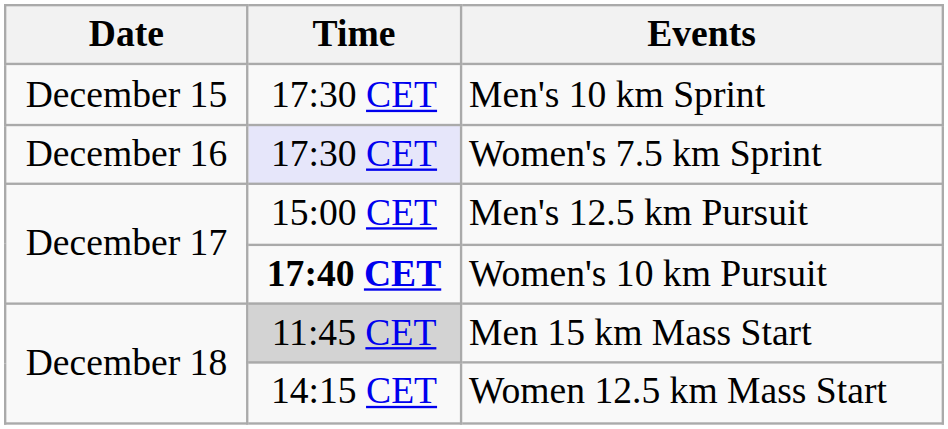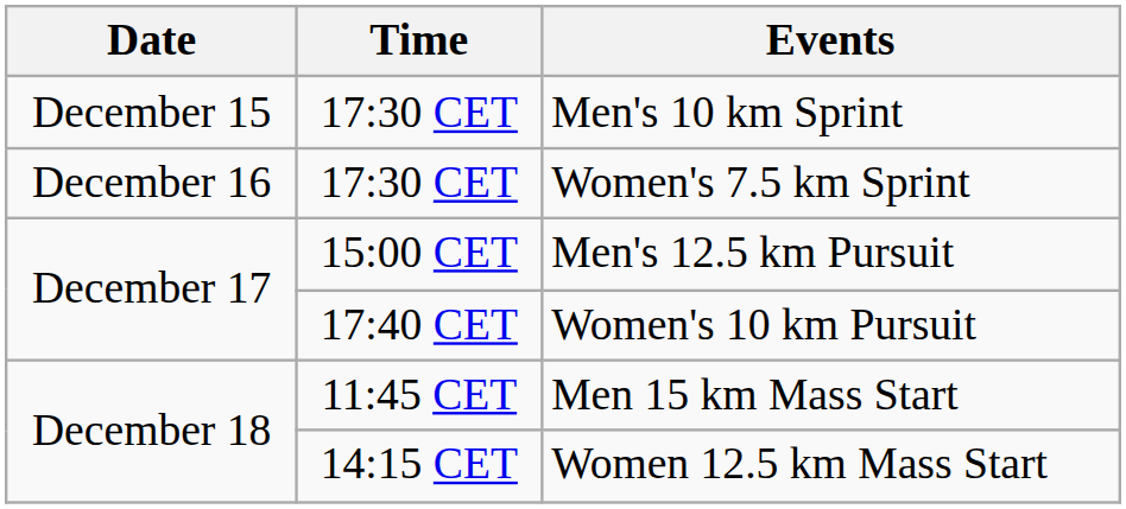 <table class="wikitable" style="text-align: center" width="400">
 <tr>
 <th>Date</th>
 <th>Time</th>
 <th>Events</th>
 </tr>
 <tr>
 <td>December 15</td>
 <td>17:30 <a href='#'>CET</a></td>
 <td style="text-align: left">Men's 10 km Sprint</td>
 </tr>
 <tr>
 <td>December 16</td>
-<td style="background: lavender;">17:30 <a href='#'>CET</a></td>
+<td>17:30 <a href='#'>CET</a></td>
 <td style="text-align: left">Women's 7.5 km Sprint</td>
 </tr>
 <tr>
 <td rowspan=2>December 17</td>
 <td>15:00 <a href='#'>CET</a></td>
 <td style="text-align: left">Men's 12.5 km Pursuit</td>
 </tr>
 <tr>
-<td><strong>17:40 <a href='#'>CET</a></strong></td>
+<td>17:40 <a href='#'>CET</a></td>
 <td style="text-align: left">Women's 10 km Pursuit</td>
 </tr>
 <tr>
 <td rowspan=2>December 18</td>
-<td style="background: lightgrey;">11:45 <a href='#'>CET</a></td>
+<td>11:45 <a href='#'>CET</a></td>
 <td style="text-align: left">Men 15 km Mass Start</td>
 </tr>
 <tr>
 <td>14:15 <a href='#'>CET</a></td>
 <td style="text-align: left">Women 12.5 km Mass Start</td>
 </tr>
 </table>
